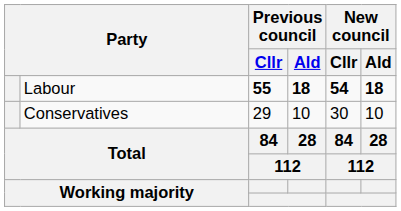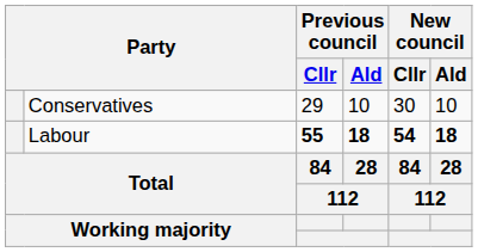 <table class="wikitable">
 <tr>
 <th colspan="2" rowspan="2" style="width: 230px">Party</th>
 <th valign=top colspan="2" style="width: 30px">Previous council</th>
 <th valign=top colspan="2" style="width: 30px">New council</th>
 </tr>
 <tr>
 <th><a href='#'>Cllr</a></th>
 <th><a href='#'>Ald</a></th>
 <th>Cllr</th>
 <th>Ald</th>
 </tr>
 <tr>
 <th style="background-color: "></th>
+<td>Conservatives</td>
+<td>29</td>
+<td>10</td>
+<td>30</td>
+<td>10</td>
+</tr>
+<tr>
+<th style="background-color: "></th>
 <td>Labour</td>
 <td><strong>55</strong></td>
 <td><strong>18</strong></td>
 <td><strong>54</strong></td>
 <td><strong>18</strong></td>
-</tr>
-<tr>
-<th style="background-color: "></th>
-<td>Conservatives</td>
-<td>29</td>
-<td>10</td>
-<td>30</td>
-<td>10</td>
 </tr>
 <tr>
 <th colspan="2" rowspan="2">Total</th>
 <th style="text-align: center">84</th>
 <th style="text-align: center">28</th>
 <th style="text-align: center">84</th>
 <th style="text-align: center">28</th>
 </tr>
 <tr>
 <th colspan="2" style="text-align: center">112</th>
 <th colspan="2" style="text-align: center">112</th>
 </tr>
 <tr>
 <th colspan="2" rowspan="2">Working majority</th>
 <th></th>
 <th></th>
 <th></th>
 <th></th>
 </tr>
 <tr>
 <th colspan="2"></th>
 <th colspan="2"></th>
 </tr>
 </table>
